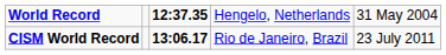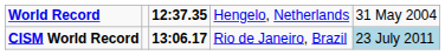 <table class="wikitable">
 <tr>
 <td><strong><a href='#'>World Record</a></strong></td>
 <td></td>
 <td><strong>12:37.35</strong></td>
 <td><a href='#'>Hengelo</a>, <a href='#'>Netherlands</a></td>
 <td>31 May 2004</td>
 </tr>
 <tr>
 <td><strong><a href='#'>CISM</a> World Record</strong></td>
 <td></td>
 <td><strong>13:06.17</strong></td>
 <td><a href='#'>Rio de Janeiro</a>, <a href='#'>Brazil</a></td>
-<td>23 July 2011</td>
+<td style="background: lightblue;">23 July 2011</td>
 </tr>
 </table>
